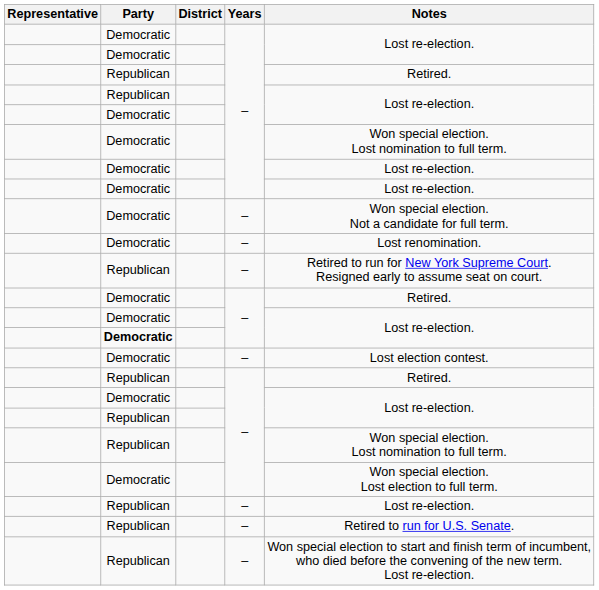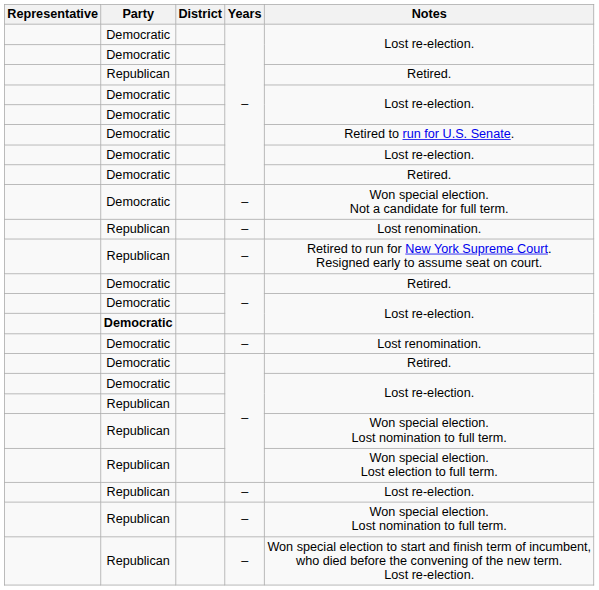 <table class="wikitable sortable" style="text-align:center">
 <tr valign=bottom>
 <th>Representative</th>
 <th>Party</th>
 <th>District</th>
 <th>Years</th>
 <th>Notes</th>
 </tr>
 <tr>
 <td align=left></td>
 <td>Democratic</td>
 <td></td>
 <td rowspan="8"> –<br></td>
 <td rowspan="2">Lost re-election.</td>
 </tr>
 <tr>
 <td align=left></td>
 <td>Democratic</td>
 <td></td>
 </tr>
 <tr>
 <td align=left></td>
 <td>Republican</td>
 <td></td>
 <td>Retired.</td>
 </tr>
 <tr>
 <td align=left></td>
-<td>Republican</td>
+<td>Democratic</td>
 <td></td>
 <td rowspan="2">Lost re-election.</td>
 </tr>
 <tr>
 <td align=left></td>
 <td>Democratic</td>
 <td></td>
 </tr>
 <tr>
 <td align=left></td>
 <td>Democratic</td>
 <td></td>
-<td>Won special election.<br>Lost nomination to full term.</td>
+<td>Retired to <a href='#'>run for U.S. Senate</a>.</td>
 </tr>
 <tr>
 <td align=left></td>
 <td>Democratic</td>
 <td></td>
 <td>Lost re-election.</td>
 </tr>
 <tr>
 <td align=left></td>
 <td>Democratic</td>
 <td></td>
-<td>Lost re-election.</td>
+<td>Retired.</td>
 </tr>
 <tr>
 <td align=left></td>
 <td>Democratic</td>
 <td></td>
 <td> –<br></td>
 <td>Won special election.<br>Not a candidate for full term.</td>
 </tr>
 <tr>
 <td align=left></td>
-<td>Democratic</td>
+<td>Republican</td>
 <td></td>
 <td> –<br></td>
 <td>Lost renomination.</td>
 </tr>
 <tr>
 <td align=left></td>
 <td>Republican</td>
 <td></td>
 <td> –<br></td>
 <td>Retired to run for <a href='#'>New York Supreme Court</a>.<br>Resigned early to assume seat on court.</td>
 </tr>
 <tr>
 <td align=left></td>
 <td>Democratic</td>
 <td></td>
 <td rowspan="3"> –<br></td>
 <td>Retired.</td>
 </tr>
 <tr>
 <td align=left></td>
 <td>Democratic</td>
 <td></td>
 <td rowspan="2">Lost re-election.</td>
 </tr>
 <tr>
 <td align=left></td>
 <td><strong>Democratic</strong></td>
 <td></td>
 </tr>
 <tr>
 <td align=left></td>
 <td>Democratic</td>
 <td></td>
 <td> –<br></td>
-<td>Lost election contest.</td>
+<td>Lost renomination.</td>
 </tr>
 <tr>
 <td align=left></td>
-<td>Republican</td>
+<td>Democratic</td>
 <td></td>
 <td rowspan="5"> –<br></td>
 <td>Retired.</td>
 </tr>
 <tr>
 <td align=left></td>
 <td>Democratic</td>
 <td></td>
 <td rowspan="2">Lost re-election.</td>
 </tr>
 <tr>
 <td align=left></td>
 <td>Republican</td>
 <td></td>
 </tr>
 <tr>
 <td align=left></td>
 <td>Republican</td>
 <td></td>
 <td>Won special election.<br>Lost nomination to full term.</td>
 </tr>
 <tr>
 <td align=left></td>
-<td>Democratic</td>
+<td>Republican</td>
 <td></td>
 <td>Won special election.<br>Lost election to full term.</td>
 </tr>
 <tr>
 <td align=left></td>
 <td>Republican</td>
 <td></td>
 <td> –<br></td>
 <td>Lost re-election.</td>
 </tr>
 <tr>
 <td align=left></td>
 <td>Republican</td>
 <td></td>
 <td> –<br></td>
-<td>Retired to <a href='#'>run for U.S. Senate</a>.</td>
+<td>Won special election.<br>Lost nomination to full term.</td>
 </tr>
 <tr>
 <td align=left></td>
 <td>Republican</td>
 <td></td>
 <td> –<br></td>
 <td>Won special election to start and finish term of incumbent,<br>who died before the convening of the new term.<br>Lost re-election.</td>
 </tr>
 </table>
